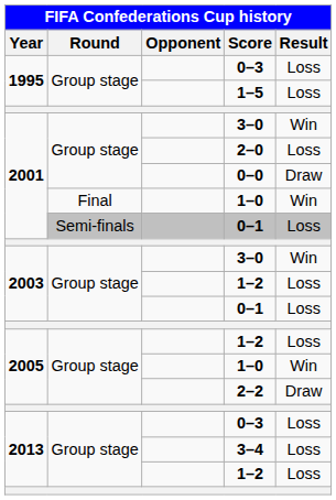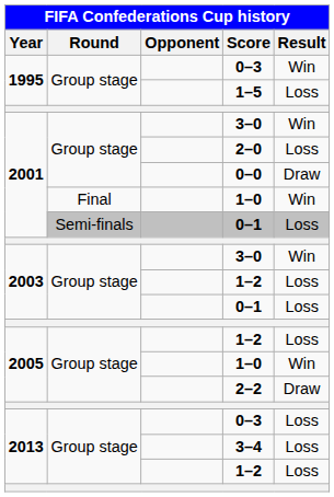 <table class="wikitable collapsible collapsed" style="text-align:center">
 <tr>
 <th colspan="5"style=background:blue;color:white>FIFA Confederations Cup history</th>
 </tr>
 <tr>
 <th>Year</th>
 <th>Round</th>
 <th>Opponent</th>
 <th>Score</th>
 <th>Result</th>
 </tr>
 <tr>
 <td rowspan="2"><strong>1995</strong></td>
 <td rowspan="2">Group stage</td>
 <td style="text-align:left;"></td>
 <td><strong>0–3</strong></td>
-<td>Loss</td>
+<td>Win</td>
 </tr>
 <tr>
 <td style="text-align:left;"></td>
 <td><strong>1–5</strong></td>
 <td>Loss</td>
 </tr>
 <tr>
 <th colspan="5"></th>
 </tr>
 <tr>
 <td rowspan="5"><strong>2001</strong></td>
 <td rowspan="3">Group stage</td>
 <td style="text-align:left;"></td>
 <td><strong>3–0</strong></td>
 <td>Win</td>
 </tr>
 <tr>
 <td style="text-align:left;"></td>
 <td><strong>2–0</strong></td>
 <td>Loss</td>
 </tr>
 <tr>
 <td style="text-align:left;"></td>
 <td><strong>0–0</strong></td>
 <td>Draw</td>
 </tr>
 <tr>
 <td>Final</td>
 <td style="text-align:left;"></td>
 <td><strong>1–0</strong></td>
 <td>Win</td>
 </tr>
 <tr style="background:silver;">
 <td>Semi-finals</td>
 <td align="left"></td>
 <td><strong>0–1</strong></td>
 <td>Loss</td>
 </tr>
 <tr>
 <th colspan="5"></th>
 </tr>
 <tr>
 <td rowspan="3"><strong>2003</strong></td>
 <td rowspan="3">Group stage</td>
 <td style="text-align:left;"></td>
 <td><strong>3–0</strong></td>
 <td>Win</td>
 </tr>
 <tr>
 <td style="text-align:left;"></td>
 <td><strong>1–2</strong></td>
 <td>Loss</td>
 </tr>
 <tr>
 <td style="text-align:left;"></td>
 <td><strong>0–1</strong></td>
 <td>Loss</td>
 </tr>
 <tr>
 <th colspan="5"></th>
 </tr>
 <tr>
 <td rowspan="3"><strong>2005</strong></td>
 <td rowspan="3">Group stage</td>
 <td style="text-align:left;"></td>
 <td><strong>1–2</strong></td>
 <td>Loss</td>
 </tr>
 <tr>
 <td style="text-align:left;"></td>
 <td><strong>1–0</strong></td>
 <td>Win</td>
 </tr>
 <tr>
 <td style="text-align:left;"></td>
 <td><strong>2–2</strong></td>
 <td>Draw</td>
 </tr>
 <tr>
 <th colspan="5"></th>
 </tr>
 <tr>
 <td rowspan="3"><strong>2013</strong></td>
 <td rowspan="3">Group stage</td>
 <td style="text-align:left;"></td>
 <td><strong>0–3</strong></td>
 <td>Loss</td>
 </tr>
 <tr>
 <td style="text-align:left;"></td>
 <td><strong>3–4</strong></td>
 <td>Loss</td>
 </tr>
 <tr>
 <td style="text-align:left;"></td>
 <td><strong>1–2</strong></td>
 <td>Loss</td>
 </tr>
 <tr>
 <th colspan="5"></th>
 </tr>
 </table>
